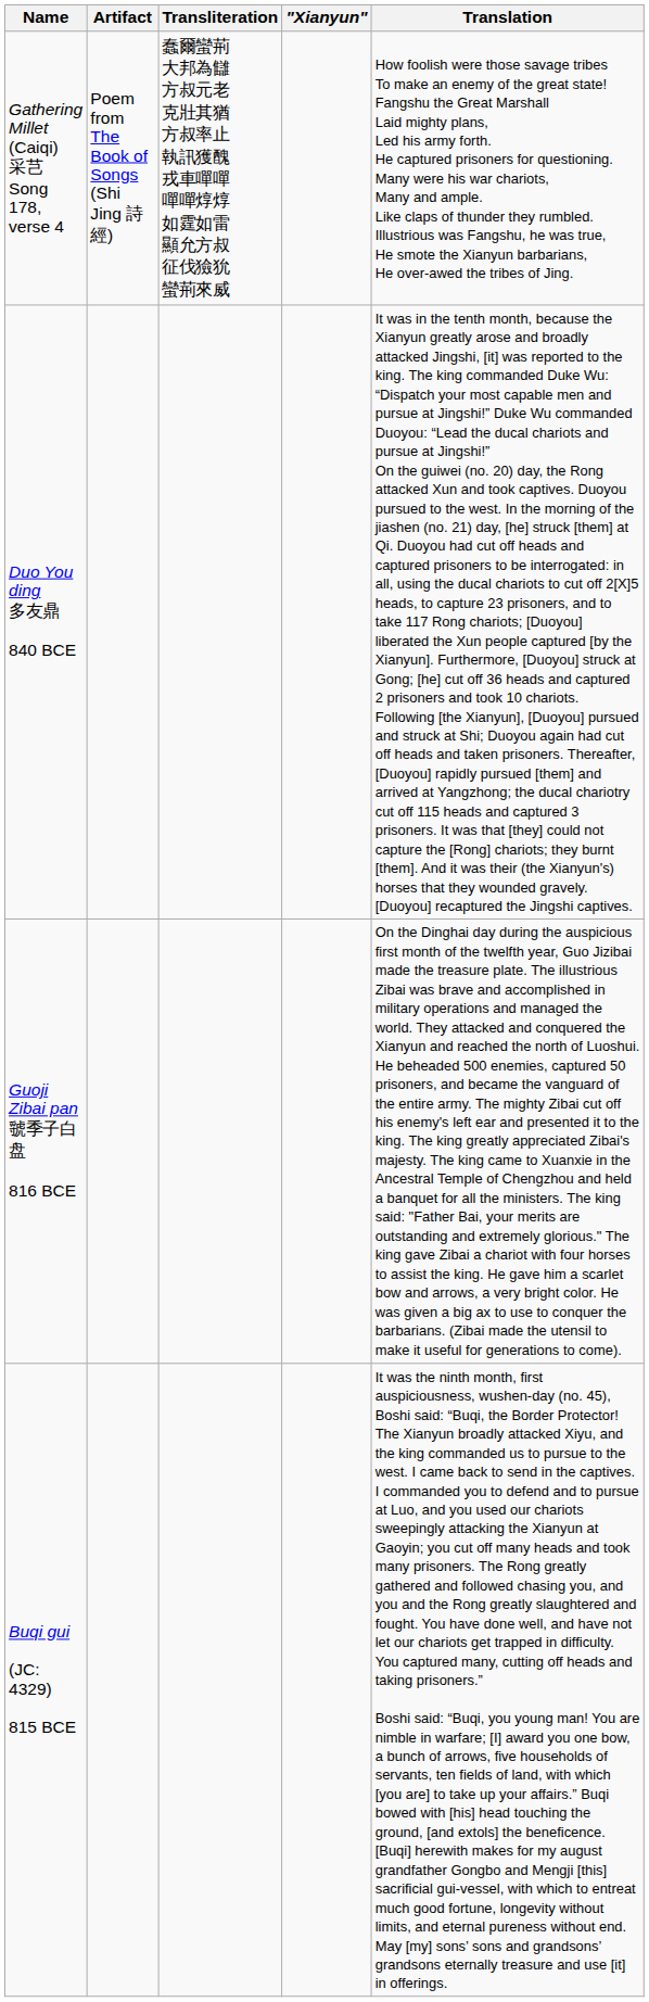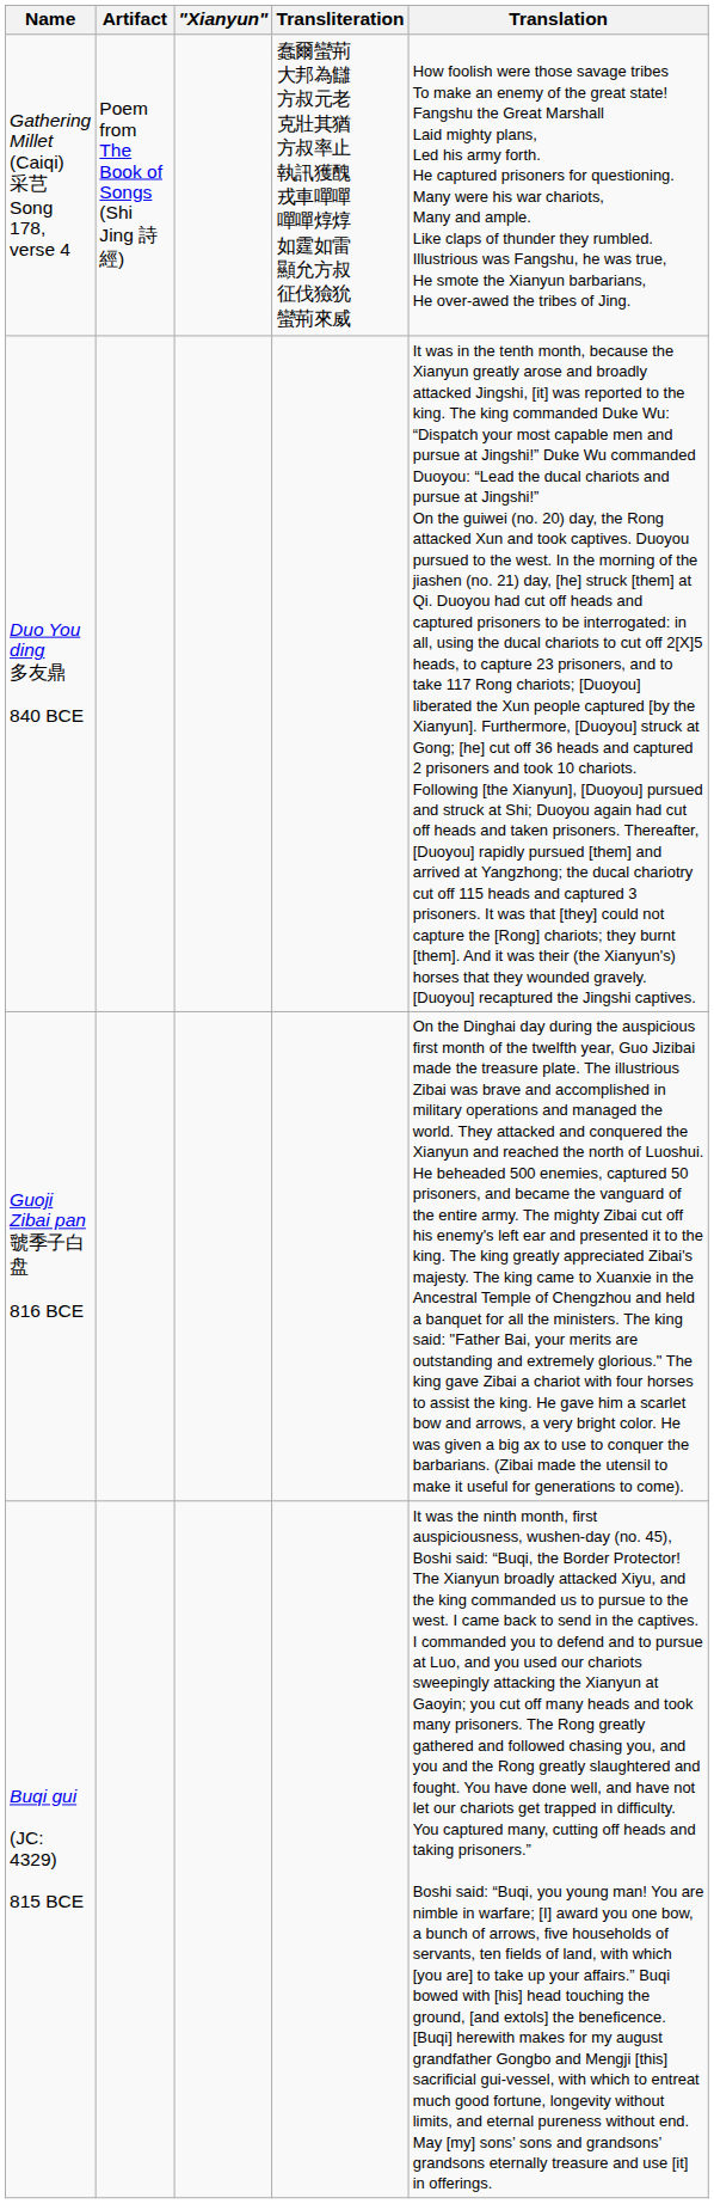 <table class = "wikitable center">
 <tr>
 <th scope = "col" width = "10%">Name</th>
 <th scope = "col">Artifact</th>
+<th scope = "col"><em>"Xianyun"</em></th>
 <th scope = "col">Transliteration</th>
-<th scope = "col"><em>"Xianyun"</em></th>
 <th scope = "col">Translation</th>
 </tr>
 <tr>
 <td><em>Gathering Millet</em><br>(Caiqi)<br>采芑<br>Song 178, verse 4</td>
 <td>Poem from <a href='#'>The Book of Songs</a><br>(Shi Jing 詩經)</td>
+<td></td>
 <td>蠢爾蠻荊<br>大邦為讎<br>方叔元老<br>克壯其猶<br>方叔率止<br>執訊獲醜<br>戎車嘽嘽<br>嘽嘽焞焞<br>如霆如雷<br>顯允方叔<br>征伐獫狁<br>蠻荊來威</td>
-<td></td>
 <td><small>How foolish were those savage tribes<br>To make an enemy of the great state!<br>Fangshu the Great Marshall<br>Laid mighty plans,<br>Led his army forth.<br>He captured prisoners for questioning.<br>Many were his war chariots,<br>Many and ample.<br>Like claps of thunder they rumbled.<br>Illustrious was Fangshu, he was true,<br>He smote the Xianyun barbarians,<br>He over-awed the tribes of Jing.</small><br></td>
 </tr>
 <tr>
 <td><em><a href='#'>Duo You ding</a></em><br>多友鼎<br><br>840 BCE</td>
 <td></td>
 <td></td>
 <td></td>
 <td><small>It was in the tenth month, because the Xianyun greatly arose and broadly attacked Jingshi, [it] was reported to the king. The king commanded Duke Wu: “Dispatch your most capable men and pursue at Jingshi!” Duke Wu commanded Duoyou: “Lead the ducal chariots and pursue at Jingshi!”</small><br><small>On the guiwei (no. 20) day, the Rong attacked Xun and took captives. Duoyou pursued to the west. In the morning of the jiashen (no. 21) day, [he] struck [them] at Qi. Duoyou had cut off heads and captured prisoners to be interrogated: in all, using the ducal chariots to cut off 2[X]5 heads, to capture 23 prisoners, and to take 117 Rong chariots; [Duoyou] liberated the Xun people captured [by the Xianyun]. Furthermore, [Duoyou] struck at Gong; [he] cut off 36 heads and captured 2 prisoners and took 10 chariots. Following [the Xianyun], [Duoyou] pursued and struck at Shi; Duoyou again had cut off heads and taken prisoners. Thereafter, [Duoyou] rapidly pursued [them] and arrived at Yangzhong; the ducal chariotry cut off 115 heads and captured 3 prisoners. It was that [they] could not capture the [Rong] chariots; they burnt [them]. And it was their (the Xianyun's) horses that they wounded gravely. [Duoyou] recaptured the Jingshi captives.</small></td>
 </tr>
 <tr>
 <td><em><a href='#'>Guoji Zibai pan</a></em><br>虢季子白盘<br><br>816 BCE</td>
 <td></td>
 <td></td>
 <td></td>
 <td><small>On the Dinghai day during the auspicious first month of the twelfth year, Guo Jizibai made the treasure plate. The illustrious Zibai was brave and accomplished in military operations and managed the world. They attacked and conquered the Xianyun and reached the north of Luoshui. He beheaded 500 enemies, captured 50 prisoners, and became the vanguard of the entire army. The mighty Zibai cut off his enemy's left ear and presented it to the king. The king greatly appreciated Zibai's majesty. The king came to Xuanxie in the Ancestral Temple of Chengzhou and held a banquet for all the ministers. The king said: "Father Bai, your merits are outstanding and extremely glorious." The king gave Zibai a chariot with four horses to assist the king. He gave him a scarlet bow and arrows, a very bright color. He was given a big ax to use to conquer the barbarians. (Zibai made the utensil to make it useful for generations to come).</small></td>
 </tr>
 <tr>
 <td><em><a href='#'>Buqi gui</a></em><br><br>(JC: 4329)<br><br>815 BCE</td>
 <td></td>
 <td></td>
 <td></td>
 <td><small>It was the ninth month, first auspiciousness, wushen-day (no. 45), Boshi said: “Buqi, the Border Protector! The Xianyun broadly attacked Xiyu, and the king commanded us to pursue to the west. I came back to send in the captives. I commanded you to defend and to pursue at Luo, and you used our chariots sweepingly attacking the Xianyun at Gaoyin; you cut off many heads and took many prisoners. The Rong greatly gathered and followed chasing you, and you and the Rong greatly slaughtered and fought. You have done well, and have not let our chariots get trapped in difficulty. You captured many, cutting off heads and taking prisoners.”</small><br><br><small>Boshi said: “Buqi, you young man! You are nimble in warfare; [I] award you one bow, a bunch of arrows, five households of servants, ten fields of land, with which [you are] to take up your affairs.” Buqi bowed with [his] head touching the ground, [and extols] the beneficence. [Buqi] herewith makes for my august grandfather Gongbo and Mengji [this] sacrificial gui-vessel, with which to entreat much good fortune, longevity without limits, and eternal pureness without end. May [my] sons’ sons and grandsons’ grandsons eternally treasure and use [it] in offerings.</small></td>
 </tr>
 </table>
